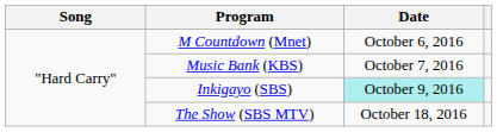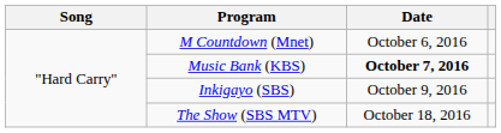 <table class="wikitable" style="text-align:center">
 <tr>
 <th width="140">Song</th>
 <th width="200">Program</th>
 <th width="140">Date</th>
 <th></th>
 </tr>
 <tr>
 <td rowspan="4">"Hard Carry"</td>
 <td><em><a href='#'>M Countdown</a></em> (<a href='#'>Mnet</a>)</td>
 <td>October 6, 2016</td>
 <td></td>
 </tr>
 <tr>
 <td><em><a href='#'>Music Bank</a></em> (<a href='#'>KBS</a>)</td>
-<td>October 7, 2016</td>
+<td><strong>October 7, 2016</strong></td>
 <td></td>
 </tr>
 <tr>
 <td><em><a href='#'>Inkigayo</a></em> (<a href='#'>SBS</a>)</td>
-<td style="background: paleturquoise;">October 9, 2016</td>
+<td>October 9, 2016</td>
 <td></td>
 </tr>
 <tr>
 <td><em><a href='#'>The Show</a></em> (<a href='#'>SBS MTV</a>)</td>
 <td>October 18, 2016</td>
 <td></td>
 </tr>
 </table>
